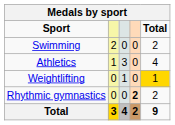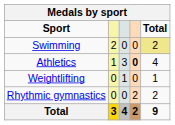 <table class="wikitable" style="font-size:85%">
 <tr style="background:#efefef;">
 <th colspan="5"><strong>Medals by sport</strong></th>
 </tr>
 <tr align=center>
 <td><strong>Sport</strong></td>
 <td style="background:#f7f6a8;"></td>
 <td style="background:#dce5e5;"></td>
 <td style="background:#ffdab9;"></td>
 <td><strong>Total</strong></td>
 </tr>
 <tr align=center>
 <td><a href='#'>Swimming</a></td>
 <td style="background:#f7f6a8;">2</td>
 <td style="background:#dce5e5;">0</td>
 <td style="background:#ffdab9;">0</td>
-<td>2</td>
+<td style="background: khaki;">2</td>
 </tr>
 <tr align=center>
 <td><a href='#'>Athletics</a></td>
 <td style="background:#f7f6a8;">1</td>
 <td style="background:#dce5e5;">3</td>
-<td style="background:#ffdab9;">0</td>
+<td style="background:#ffdab9;"><strong>0</strong></td>
 <td>4</td>
 </tr>
 <tr align=center>
 <td><a href='#'>Weightlifting</a></td>
 <td style="background:#f7f6a8;">0</td>
 <td style="background:#dce5e5;">1</td>
 <td style="background:#ffdab9;">0</td>
-<td style="background: gold;">1</td>
+<td>1</td>
 </tr>
 <tr align=center>
 <td><a href='#'>Rhythmic gymnastics</a></td>
 <td style="background:#f7f6a8;">0</td>
 <td style="background:#dce5e5;">0</td>
-<td style="background:#ffdab9;"><strong>2</strong></td>
+<td style="background:#ffdab9;">2</td>
 <td>2</td>
 </tr>
 <tr align=center>
 <th><strong>Total</strong></th>
 <td style="background:gold;"><strong>3</strong></td>
 <td style="background:silver;"><strong>4</strong></td>
 <td style="background:#c96;"><strong>2</strong></td>
 <td><strong>9</strong></td>
 </tr>
 </table>
